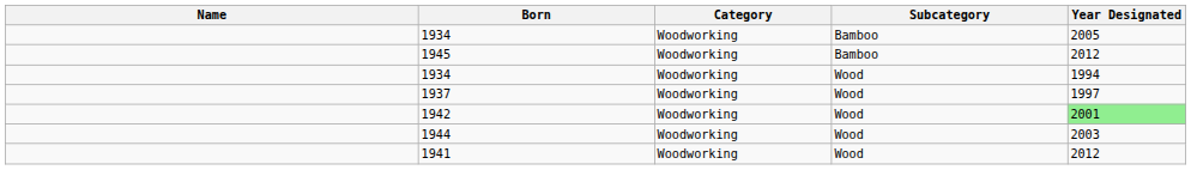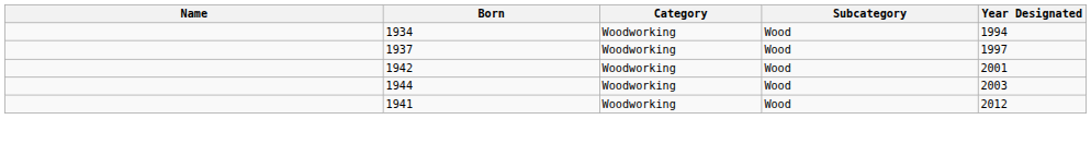 <table class="wikitable sortable"  width="100%" style="backgrōnd:#ffffff;">
 <tr>
 <th width="35%" align="left" style="backgrōnd:#ffdead;">Name</th>
 <th width="20%" align="left" style="backgrōnd:#ffdead;">Born</th>
 <th width="15%" align="left" style="backgrōnd:#ffdead;">Category</th>
 <th width="20%" align="left" style="backgrōnd:#ffdead;">Subcategory</th>
 <th width="10%" align="left" style="backgrōnd:#ffdead;">Year Designated</th>
-</tr>
-<tr>
-<td></td>
-<td>1934</td>
-<td>Woodworking</td>
-<td>Bamboo</td>
-<td>2005</td>
-</tr>
-<tr>
-<td></td>
-<td>1945</td>
-<td>Woodworking</td>
-<td>Bamboo</td>
-<td>2012</td>
 </tr>
 <tr>
 <td></td>
 <td>1934</td>
 <td>Woodworking</td>
 <td>Wood</td>
 <td>1994</td>
 </tr>
 <tr>
 <td></td>
 <td>1937</td>
 <td>Woodworking</td>
 <td>Wood</td>
 <td>1997</td>
 </tr>
 <tr>
 <td></td>
 <td>1942</td>
 <td>Woodworking</td>
 <td>Wood</td>
-<td style="background: lightgreen;">2001</td>
+<td>2001</td>
 </tr>
 <tr>
 <td></td>
 <td>1944</td>
 <td>Woodworking</td>
 <td>Wood</td>
 <td>2003</td>
 </tr>
 <tr>
 <td></td>
 <td>1941</td>
 <td>Woodworking</td>
 <td>Wood</td>
 <td>2012</td>
 </tr>
 </table>
